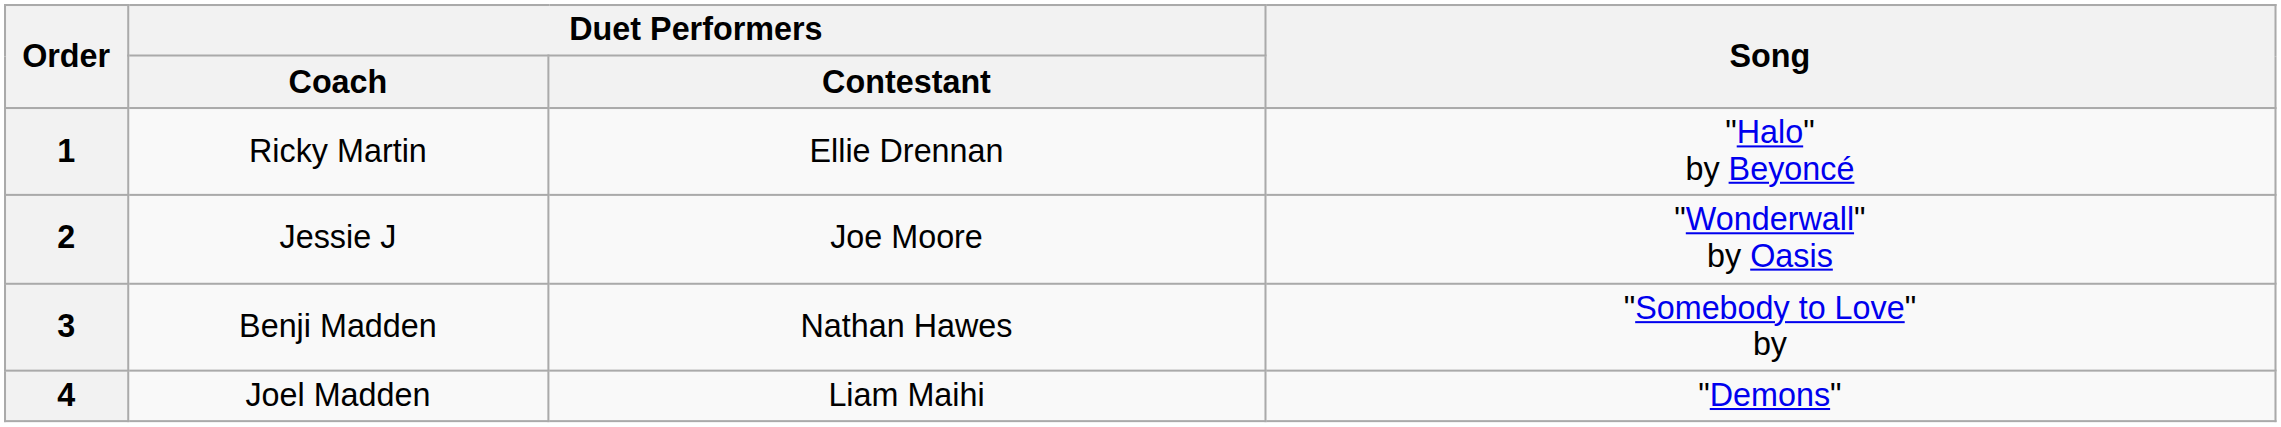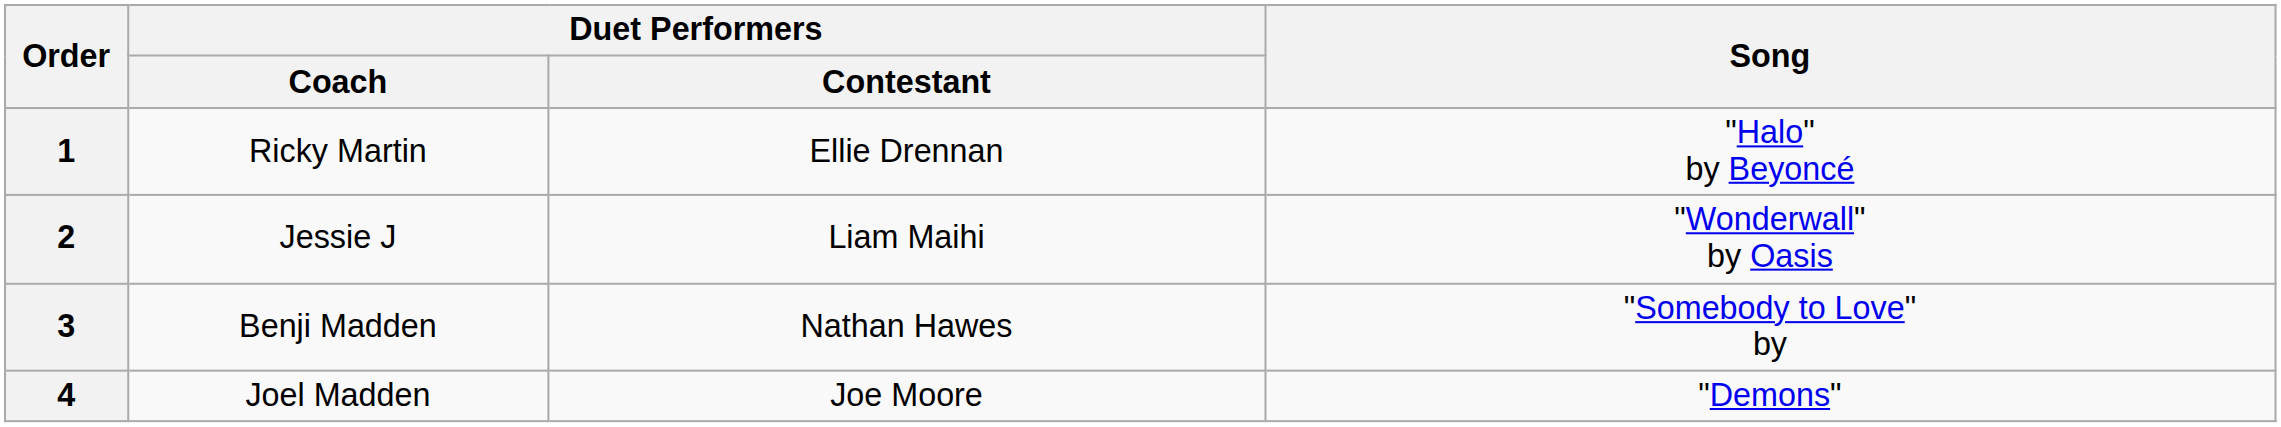 <table class="wikitable" style="text-align:center; width:89%;">
 <tr>
 <th rowspan="2" width="1%">Order</th>
 <th colspan="2">Duet Performers</th>
 <th rowspan="2" width="24%">Song</th>
 </tr>
 <tr>
 <th width="10%">Coach</th>
 <th width="17%">Contestant</th>
 </tr>
 <tr>
 <th scope="row">1</th>
 <td>Ricky Martin</td>
 <td>Ellie Drennan</td>
 <td>"<a href='#'>Halo</a>"<br>by <a href='#'>Beyoncé</a></td>
 </tr>
 <tr>
 <th scope="row">2</th>
 <td>Jessie J</td>
-<td>Joe Moore</td>
+<td>Liam Maihi</td>
 <td>"<a href='#'>Wonderwall</a>"<br>by <a href='#'>Oasis</a></td>
 </tr>
 <tr>
 <th scope="row">3</th>
 <td>Benji Madden</td>
 <td>Nathan Hawes</td>
 <td>"<a href='#'>Somebody to Love</a>"<br>by </td>
 </tr>
 <tr>
 <th scope="row">4</th>
 <td>Joel Madden</td>
-<td>Liam Maihi</td>
+<td>Joe Moore</td>
 <td>"<a href='#'>Demons</a>"<br></td>
 </tr>
 </table>
